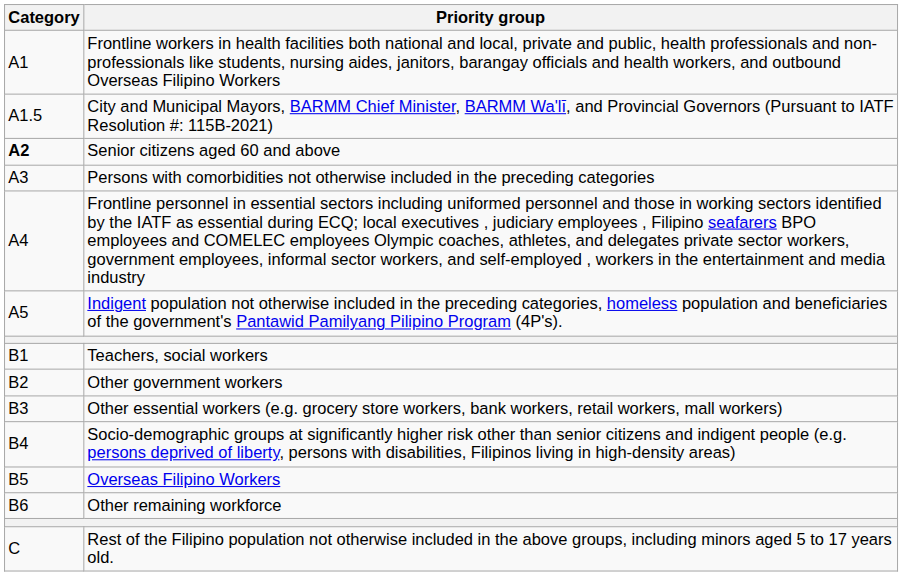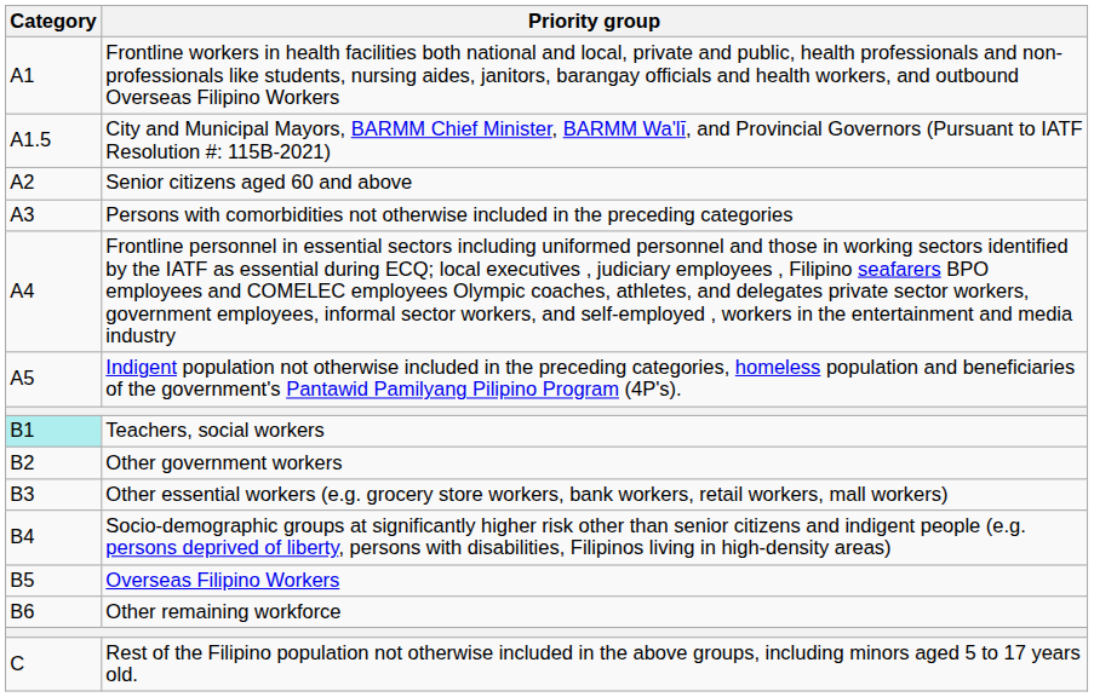 <table class="wikitable">
 <tr>
 <th>Category</th>
 <th>Priority group</th>
 </tr>
 <tr>
 <td>A1</td>
 <td>Frontline workers in health facilities both national and local, private and public, health professionals and non-professionals like students, nursing aides, janitors, barangay officials and health workers, and outbound Overseas Filipino Workers </td>
 </tr>
 <tr>
 <td>A1.5</td>
 <td>City and Municipal Mayors, <a href='#'>BARMM Chief Minister</a>, <a href='#'>BARMM Wa'lī</a>, and Provincial Governors (Pursuant to IATF Resolution #: 115B-2021)</td>
 </tr>
 <tr>
-<td><strong>A2</strong></td>
+<td>A2</td>
 <td>Senior citizens aged 60 and above</td>
 </tr>
 <tr>
 <td>A3</td>
 <td>Persons with comorbidities not otherwise included in the preceding categories</td>
 </tr>
 <tr>
 <td>A4</td>
 <td>Frontline personnel in essential sectors including uniformed personnel and those in working sectors identified by the IATF as essential during ECQ; local executives , judiciary employees , Filipino <a href='#'>seafarers</a>  BPO employees and COMELEC employees  Olympic coaches, athletes, and delegates  private sector workers, government employees, informal sector workers, and self-employed , workers in the entertainment and media industry </td>
 </tr>
 <tr>
 <td>A5</td>
 <td><a href='#'>Indigent</a> population not otherwise included in the preceding categories, <a href='#'>homeless</a> population and beneficiaries of the government's <a href='#'>Pantawid Pamilyang Pilipino Program</a> (4P's).</td>
 </tr>
 <tr>
 <th colspan=2></th>
 </tr>
 <tr>
-<td>B1</td>
+<td style="background: paleturquoise;">B1</td>
 <td>Teachers, social workers</td>
 </tr>
 <tr>
 <td>B2</td>
 <td>Other government workers</td>
 </tr>
 <tr>
 <td>B3</td>
 <td>Other essential workers (e.g. grocery store workers, bank workers, retail workers, mall workers)</td>
 </tr>
 <tr>
 <td>B4</td>
 <td>Socio-demographic groups at significantly higher risk other than senior citizens and indigent people (e.g. <a href='#'>persons deprived of liberty</a>, persons with disabilities, Filipinos living in high-density areas)</td>
 </tr>
 <tr>
 <td>B5</td>
 <td><a href='#'>Overseas Filipino Workers</a></td>
 </tr>
 <tr>
 <td>B6</td>
 <td>Other remaining workforce</td>
 </tr>
 <tr>
 <th colspan=2></th>
 </tr>
 <tr>
 <td>C</td>
 <td>Rest of the Filipino population not otherwise included in the above groups, including minors aged 5 to 17 years old.</td>
 </tr>
 </table>
